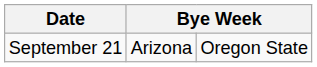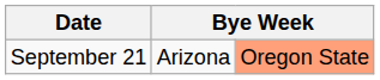 <table class="wikitable" style="font-size:95%;">
 <tr>
 <th>Date</th>
 <th colspan="2">Bye Week</th>
 </tr>
 <tr>
 <td>September 21</td>
 <td>Arizona</td>
-<td>Oregon State</td>
+<td style="background: lightsalmon;">Oregon State</td>
 </tr>
 </table>
